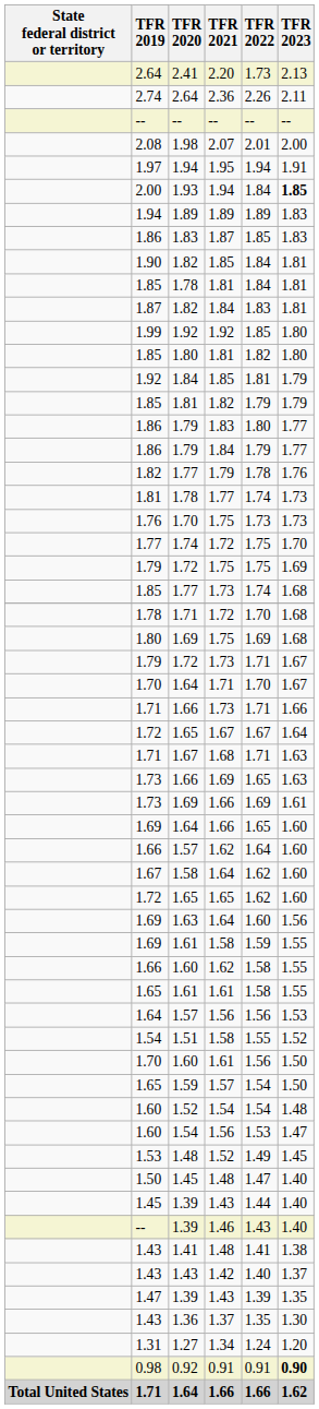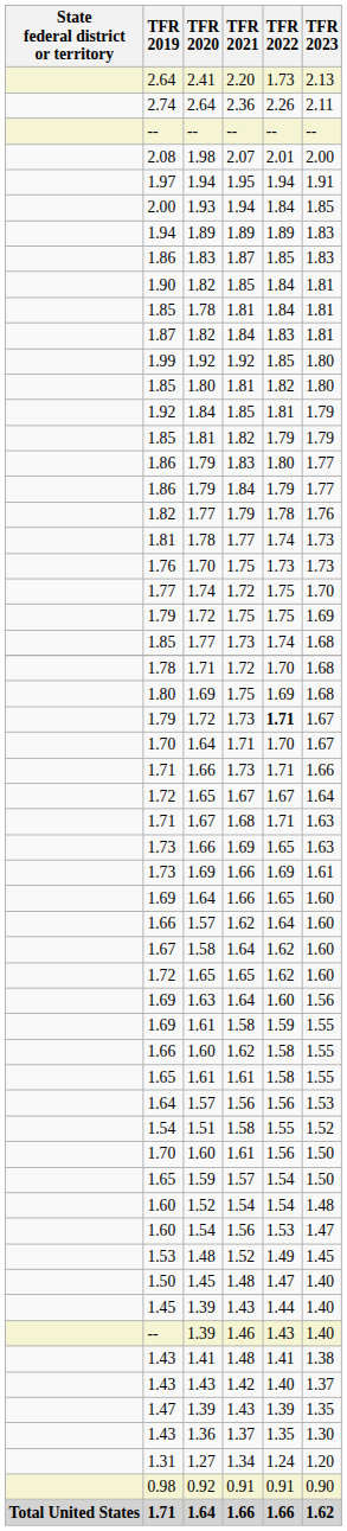 <table class="wikitable sortable">
 <tr bgcolor="#CCCCCC">
 <th>State<br>federal district<br> or territory<br></th>
 <th>TFR<br>2019</th>
 <th>TFR<br>2020</th>
 <th>TFR<br>2021</th>
 <th>TFR<br>2022</th>
 <th>TFR<br>2023</th>
 </tr>
 <tr bgcolor="#f5f5d3">
 <td><em></em></td>
 <td>2.64</td>
 <td>2.41</td>
 <td>2.20</td>
 <td>1.73</td>
 <td>2.13</td>
 </tr>
 <tr>
 <td><em></em></td>
 <td>2.74</td>
 <td>2.64</td>
 <td>2.36</td>
 <td>2.26</td>
 <td>2.11</td>
 </tr>
 <tr bgcolor="#f5f5d3">
 <td><em></em></td>
 <td>--</td>
 <td>--</td>
 <td>--</td>
 <td>--</td>
 <td>--</td>
 </tr>
 <tr>
 <td></td>
 <td>2.08</td>
 <td>1.98</td>
 <td>2.07</td>
 <td>2.01</td>
 <td>2.00</td>
 </tr>
 <tr>
 <td></td>
 <td>1.97</td>
 <td>1.94</td>
 <td>1.95</td>
 <td>1.94</td>
 <td>1.91</td>
 </tr>
 <tr>
 <td></td>
 <td>2.00</td>
 <td>1.93</td>
 <td>1.94</td>
 <td>1.84</td>
-<td><strong>1.85</strong></td>
+<td>1.85</td>
 </tr>
 <tr>
 <td></td>
 <td>1.94</td>
 <td>1.89</td>
 <td>1.89</td>
 <td>1.89</td>
 <td>1.83</td>
 </tr>
 <tr>
 <td></td>
 <td>1.86</td>
 <td>1.83</td>
 <td>1.87</td>
 <td>1.85</td>
 <td>1.83</td>
 </tr>
 <tr>
 <td></td>
 <td>1.90</td>
 <td>1.82</td>
 <td>1.85</td>
 <td>1.84</td>
 <td>1.81</td>
 </tr>
 <tr>
 <td></td>
 <td>1.85</td>
 <td>1.78</td>
 <td>1.81</td>
 <td>1.84</td>
 <td>1.81</td>
 </tr>
 <tr>
 <td></td>
 <td>1.87</td>
 <td>1.82</td>
 <td>1.84</td>
 <td>1.83</td>
 <td>1.81</td>
 </tr>
 <tr>
 <td></td>
 <td>1.99</td>
 <td>1.92</td>
 <td>1.92</td>
 <td>1.85</td>
 <td>1.80</td>
 </tr>
 <tr>
 <td></td>
 <td>1.85</td>
 <td>1.80</td>
 <td>1.81</td>
 <td>1.82</td>
 <td>1.80</td>
 </tr>
 <tr>
 <td></td>
 <td>1.92</td>
 <td>1.84</td>
 <td>1.85</td>
 <td>1.81</td>
 <td>1.79</td>
 </tr>
 <tr>
 <td></td>
 <td>1.85</td>
 <td>1.81</td>
 <td>1.82</td>
 <td>1.79</td>
 <td>1.79</td>
 </tr>
 <tr>
 <td></td>
 <td>1.86</td>
 <td>1.79</td>
 <td>1.83</td>
 <td>1.80</td>
 <td>1.77</td>
 </tr>
 <tr>
 <td></td>
 <td>1.86</td>
 <td>1.79</td>
 <td>1.84</td>
 <td>1.79</td>
 <td>1.77</td>
 </tr>
 <tr>
 <td></td>
 <td>1.82</td>
 <td>1.77</td>
 <td>1.79</td>
 <td>1.78</td>
 <td>1.76</td>
 </tr>
 <tr>
 <td></td>
 <td>1.81</td>
 <td>1.78</td>
 <td>1.77</td>
 <td>1.74</td>
 <td>1.73</td>
 </tr>
 <tr>
 <td></td>
 <td>1.76</td>
 <td>1.70</td>
 <td>1.75</td>
 <td>1.73</td>
 <td>1.73</td>
 </tr>
 <tr>
 <td></td>
 <td>1.77</td>
 <td>1.74</td>
 <td>1.72</td>
 <td>1.75</td>
 <td>1.70</td>
 </tr>
 <tr>
 <td></td>
 <td>1.79</td>
 <td>1.72</td>
 <td>1.75</td>
 <td>1.75</td>
 <td>1.69</td>
 </tr>
 <tr>
 <td></td>
 <td>1.85</td>
 <td>1.77</td>
 <td>1.73</td>
 <td>1.74</td>
 <td>1.68</td>
 </tr>
 <tr bgcolor="#f5f5d3">
 </tr>
 <tr>
 <td></td>
 <td>1.78</td>
 <td>1.71</td>
 <td>1.72</td>
 <td>1.70</td>
 <td>1.68</td>
 </tr>
 <tr>
 <td></td>
 <td>1.80</td>
 <td>1.69</td>
 <td>1.75</td>
 <td>1.69</td>
 <td>1.68</td>
 </tr>
 <tr>
 <td></td>
 <td>1.79</td>
 <td>1.72</td>
 <td>1.73</td>
-<td>1.71</td>
+<td><strong>1.71</strong></td>
 <td>1.67</td>
 </tr>
 <tr>
 <td></td>
 <td>1.70</td>
 <td>1.64</td>
 <td>1.71</td>
 <td>1.70</td>
 <td>1.67</td>
 </tr>
 <tr>
 <td></td>
 <td>1.71</td>
 <td>1.66</td>
 <td>1.73</td>
 <td>1.71</td>
 <td>1.66</td>
 </tr>
 <tr>
 <td></td>
 <td>1.72</td>
 <td>1.65</td>
 <td>1.67</td>
 <td>1.67</td>
 <td>1.64</td>
 </tr>
 <tr>
 <td></td>
 <td>1.71</td>
 <td>1.67</td>
 <td>1.68</td>
 <td>1.71</td>
 <td>1.63</td>
 </tr>
 <tr>
 <td></td>
 <td>1.73</td>
 <td>1.66</td>
 <td>1.69</td>
 <td>1.65</td>
 <td>1.63</td>
 </tr>
 <tr>
 <td></td>
 <td>1.73</td>
 <td>1.69</td>
 <td>1.66</td>
 <td>1.69</td>
 <td>1.61</td>
 </tr>
 <tr>
 <td></td>
 <td>1.69</td>
 <td>1.64</td>
 <td>1.66</td>
 <td>1.65</td>
 <td>1.60</td>
 </tr>
 <tr>
 <td></td>
 <td>1.66</td>
 <td>1.57</td>
 <td>1.62</td>
 <td>1.64</td>
 <td>1.60</td>
 </tr>
 <tr>
 <td></td>
 <td>1.67</td>
 <td>1.58</td>
 <td>1.64</td>
 <td>1.62</td>
 <td>1.60</td>
 </tr>
 <tr>
 <td></td>
 <td>1.72</td>
 <td>1.65</td>
 <td>1.65</td>
 <td>1.62</td>
 <td>1.60</td>
 </tr>
 <tr>
 <td></td>
 <td>1.69</td>
 <td>1.63</td>
 <td>1.64</td>
 <td>1.60</td>
 <td>1.56</td>
 </tr>
 <tr>
 <td></td>
 <td>1.69</td>
 <td>1.61</td>
 <td>1.58</td>
 <td>1.59</td>
 <td>1.55</td>
 </tr>
 <tr>
 <td></td>
 <td>1.66</td>
 <td>1.60</td>
 <td>1.62</td>
 <td>1.58</td>
 <td>1.55</td>
 </tr>
 <tr>
 <td></td>
 <td>1.65</td>
 <td>1.61</td>
 <td>1.61</td>
 <td>1.58</td>
 <td>1.55</td>
 </tr>
 <tr>
 <td></td>
 <td>1.64</td>
 <td>1.57</td>
 <td>1.56</td>
 <td>1.56</td>
 <td>1.53</td>
 </tr>
 <tr>
 <td></td>
 <td>1.54</td>
 <td>1.51</td>
 <td>1.58</td>
 <td>1.55</td>
 <td>1.52</td>
 </tr>
 <tr>
 <td></td>
 <td>1.70</td>
 <td>1.60</td>
 <td>1.61</td>
 <td>1.56</td>
 <td>1.50</td>
 </tr>
 <tr>
 <td></td>
 <td>1.65</td>
 <td>1.59</td>
 <td>1.57</td>
 <td>1.54</td>
 <td>1.50</td>
 </tr>
 <tr>
 <td></td>
 <td>1.60</td>
 <td>1.52</td>
 <td>1.54</td>
 <td>1.54</td>
 <td>1.48</td>
 </tr>
 <tr>
 <td></td>
 <td>1.60</td>
 <td>1.54</td>
 <td>1.56</td>
 <td>1.53</td>
 <td>1.47</td>
 </tr>
 <tr>
 <td></td>
 <td>1.53</td>
 <td>1.48</td>
 <td>1.52</td>
 <td>1.49</td>
 <td>1.45</td>
 </tr>
 <tr>
 <td></td>
 <td>1.50</td>
 <td>1.45</td>
 <td>1.48</td>
 <td>1.47</td>
 <td>1.40</td>
 </tr>
 <tr>
 <td></td>
 <td>1.45</td>
 <td>1.39</td>
 <td>1.43</td>
 <td>1.44</td>
 <td>1.40</td>
 </tr>
 <tr bgcolor="#f5f5d3">
 <td><em></em></td>
 <td>--</td>
 <td>1.39</td>
 <td>1.46</td>
 <td>1.43</td>
 <td>1.40</td>
 </tr>
 <tr>
 <td></td>
 <td>1.43</td>
 <td>1.41</td>
 <td>1.48</td>
 <td>1.41</td>
 <td>1.38</td>
 </tr>
 <tr>
 <td></td>
 <td>1.43</td>
 <td>1.43</td>
 <td>1.42</td>
 <td>1.40</td>
 <td>1.37</td>
 </tr>
 <tr>
 <td></td>
 <td>1.47</td>
 <td>1.39</td>
 <td>1.43</td>
 <td>1.39</td>
 <td>1.35</td>
 </tr>
 <tr>
 <td></td>
 <td>1.43</td>
 <td>1.36</td>
 <td>1.37</td>
 <td>1.35</td>
 <td>1.30</td>
 </tr>
 <tr>
 <td></td>
 <td>1.31</td>
 <td>1.27</td>
 <td>1.34</td>
 <td>1.24</td>
 <td>1.20</td>
 </tr>
 <tr bgcolor="#f5f5d3">
 <td><em></em></td>
 <td>0.98</td>
 <td>0.92</td>
 <td>0.91</td>
 <td>0.91</td>
-<td><strong>0.90</strong></td>
+<td>0.90</td>
 </tr>
 <tr bgcolor="lightgrey">
 <td><strong>Total United States</strong></td>
 <td><strong>1.71</strong></td>
 <td><strong>1.64</strong></td>
 <td><strong>1.66</strong></td>
 <td><strong>1.66</strong></td>
 <td><strong>1.62</strong></td>
 </tr>
 </table>
